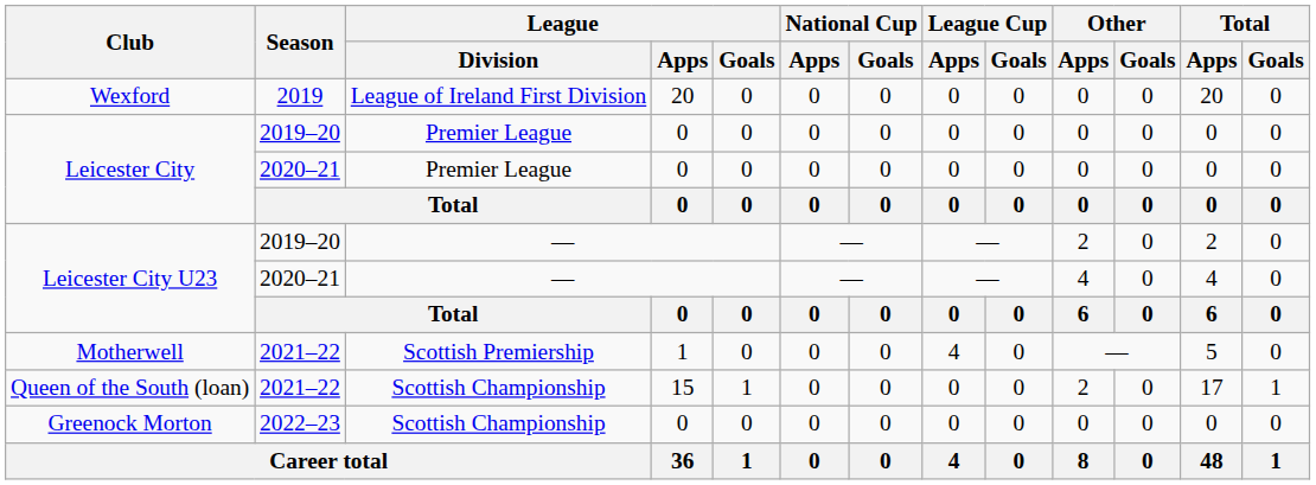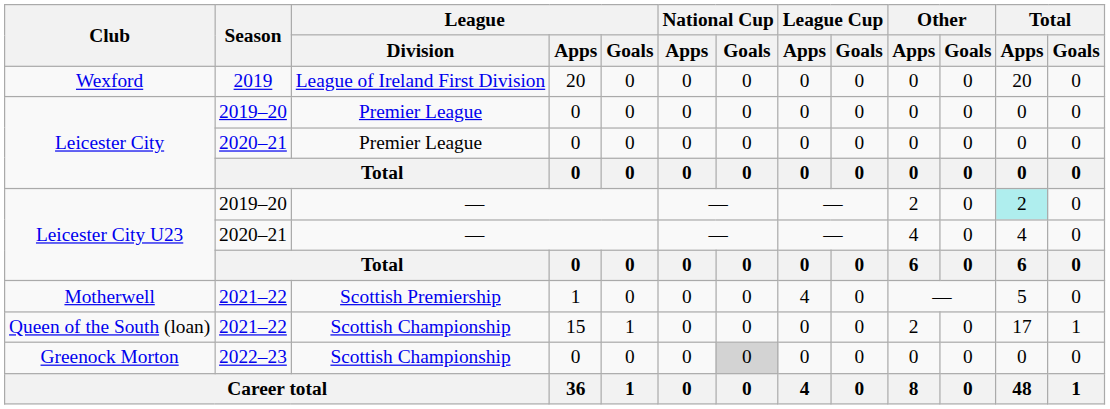 <table class="wikitable" Style="text-align: center">
 <tr>
 <th rowspan="2">Club</th>
 <th rowspan="2">Season</th>
 <th colspan="3">League</th>
 <th colspan="2">National Cup</th>
 <th colspan="2">League Cup</th>
 <th colspan="2">Other</th>
 <th colspan="2">Total</th>
 </tr>
 <tr>
 <th>Division</th>
 <th>Apps</th>
 <th>Goals</th>
 <th>Apps</th>
 <th>Goals</th>
 <th>Apps</th>
 <th>Goals</th>
 <th>Apps</th>
 <th>Goals</th>
 <th>Apps</th>
 <th>Goals</th>
 </tr>
 <tr>
 <td><a href='#'>Wexford</a></td>
 <td><a href='#'>2019</a></td>
 <td><a href='#'>League of Ireland First Division</a></td>
 <td>20</td>
 <td>0</td>
 <td>0</td>
 <td>0</td>
 <td>0</td>
 <td>0</td>
 <td>0</td>
 <td>0</td>
 <td>20</td>
 <td>0</td>
 </tr>
 <tr>
 <td rowspan=3><a href='#'>Leicester City</a></td>
 <td><a href='#'>2019–20</a></td>
 <td><a href='#'>Premier League</a></td>
 <td>0</td>
 <td>0</td>
 <td>0</td>
 <td>0</td>
 <td>0</td>
 <td>0</td>
 <td>0</td>
 <td>0</td>
 <td>0</td>
 <td>0</td>
 </tr>
 <tr>
 <td><a href='#'>2020–21</a></td>
 <td>Premier League</td>
 <td>0</td>
 <td>0</td>
 <td>0</td>
 <td>0</td>
 <td>0</td>
 <td>0</td>
 <td>0</td>
 <td>0</td>
 <td>0</td>
 <td>0</td>
 </tr>
 <tr>
 <th colspan=2>Total</th>
 <th>0</th>
 <th>0</th>
 <th>0</th>
 <th>0</th>
 <th>0</th>
 <th>0</th>
 <th>0</th>
 <th>0</th>
 <th>0</th>
 <th>0</th>
 </tr>
 <tr>
 <td rowspan=3><a href='#'>Leicester City U23</a></td>
 <td>2019–20</td>
 <td colspan="3">—</td>
 <td colspan="2">—</td>
 <td colspan="2">—</td>
 <td>2</td>
 <td>0</td>
-<td>2</td>
+<td style="background: paleturquoise;">2</td>
 <td>0</td>
 </tr>
 <tr>
 <td>2020–21</td>
 <td colspan="3">—</td>
 <td colspan="2">—</td>
 <td colspan="2">—</td>
 <td>4</td>
 <td>0</td>
 <td>4</td>
 <td>0</td>
 </tr>
 <tr>
 <th colspan=2>Total</th>
 <th>0</th>
 <th>0</th>
 <th>0</th>
 <th>0</th>
 <th>0</th>
 <th>0</th>
 <th>6</th>
 <th>0</th>
 <th>6</th>
 <th>0</th>
 </tr>
 <tr>
 <td><a href='#'>Motherwell</a></td>
 <td><a href='#'>2021–22</a></td>
 <td><a href='#'>Scottish Premiership</a></td>
 <td>1</td>
 <td>0</td>
 <td>0</td>
 <td>0</td>
 <td>4</td>
 <td>0</td>
 <td colspan="2">—</td>
 <td>5</td>
 <td>0</td>
 </tr>
 <tr>
 <td><a href='#'>Queen of the South</a> (loan)</td>
 <td><a href='#'>2021–22</a></td>
 <td><a href='#'>Scottish Championship</a></td>
 <td>15</td>
 <td>1</td>
 <td>0</td>
 <td>0</td>
 <td>0</td>
 <td>0</td>
 <td>2</td>
 <td>0</td>
 <td>17</td>
 <td>1</td>
 </tr>
 <tr>
 <td><a href='#'>Greenock Morton</a></td>
 <td><a href='#'>2022–23</a></td>
 <td><a href='#'>Scottish Championship</a></td>
 <td>0</td>
 <td>0</td>
 <td>0</td>
-<td>0</td>
+<td style="background: lightgrey;">0</td>
 <td>0</td>
 <td>0</td>
 <td>0</td>
 <td>0</td>
 <td>0</td>
 <td>0</td>
 </tr>
 <tr>
 <th colspan="3">Career total</th>
 <th>36</th>
 <th>1</th>
 <th>0</th>
 <th>0</th>
 <th>4</th>
 <th>0</th>
 <th>8</th>
 <th>0</th>
 <th>48</th>
 <th>1</th>
 </tr>
 </table>
